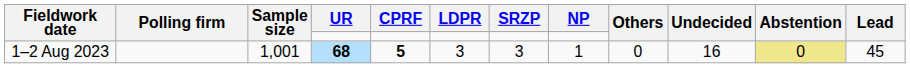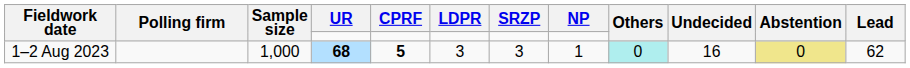 <table class=wikitable style="font-size:95%; line-height:14px; text-align:center">
 <tr>
 <th style=width:100px; rowspan=2>Fieldwork date</th>
 <th style=width:120px; rowspan=2>Polling firm</th>
 <th style=width:50px; rowspan=2>Sample<br>size</th>
 <th style="width:50px;"><a href='#'>UR</a></th>
 <th style="width:50px;"><a href='#'>CPRF</a></th>
 <th style="width:50px;"><a href='#'>LDPR</a></th>
 <th style="width:50px;"><a href='#'>SRZP</a></th>
 <th style="width:50px;"><a href='#'>NP</a></th>
 <th style="width:50px;" rowspan=2>Others</th>
 <th style="width:50px;" rowspan=2>Undecided</th>
 <th style="width:50px;" rowspan=2>Abstention</th>
 <th style="width:50px;" rowspan="2">Lead</th>
 </tr>
 <tr>
 <td bgcolor=></td>
 <td bgcolor=></td>
 <td bgcolor=></td>
 <td bgcolor=></td>
 <td bgcolor=></td>
 </tr>
 <tr>
 <td>1–2 Aug 2023</td>
 <td></td>
-<td>1,001</td>
+<td>1,000</td>
 <td style="background:#B3E0FF"><strong>68</strong></td>
 <td><strong>5</strong></td>
 <td>3</td>
 <td>3</td>
 <td>1</td>
-<td>0</td>
+<td style="background: paleturquoise;">0</td>
 <td>16</td>
 <td style="background: khaki;">0</td>
-<td style="background:">45</td>
+<td style="background:">62</td>
 </tr>
 </table>
